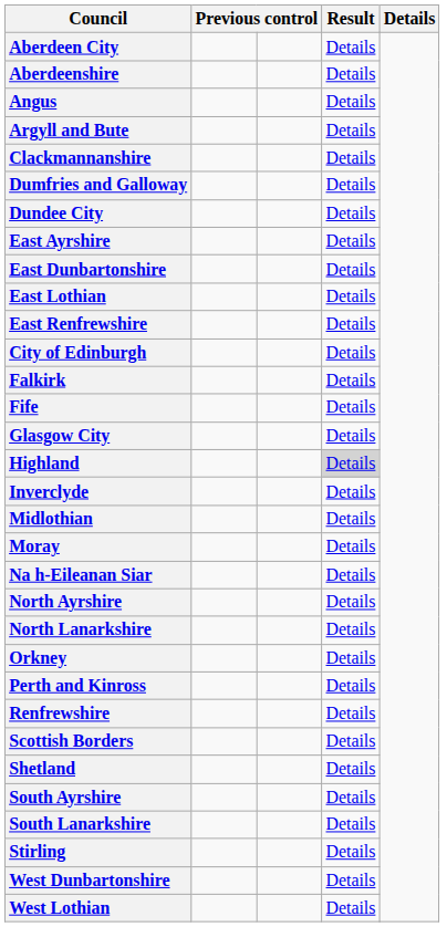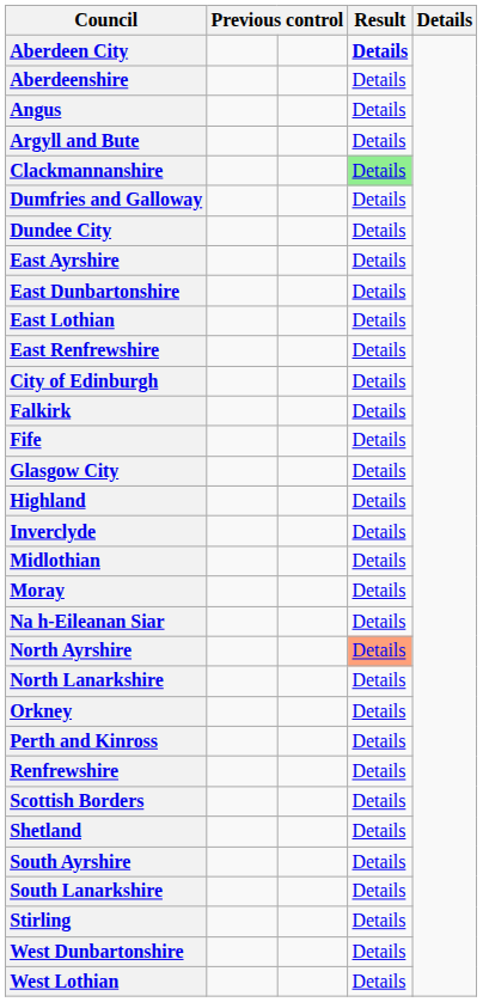 <table class="wikitable">
 <tr>
 <th scope="col">Council</th>
 <th scope="col" colspan="2">Previous control</th>
 <th scope="col" colspan="2">Result</th>
 <th scope="col" class="unsortable">Details</th>
 </tr>
 <tr>
 <th scope="row" style="text-align: left;"><a href='#'>Aberdeen City</a></th>
 <td></td>
 <td></td>
-<td><a href='#'>Details</a></td>
+<td><strong><a href='#'>Details</a></strong></td>
 </tr>
 <tr>
 <th scope="row" style="text-align: left;"><a href='#'>Aberdeenshire</a></th>
 <td></td>
 <td></td>
 <td><a href='#'>Details</a></td>
 </tr>
 <tr>
 <th scope="row" style="text-align: left;"><a href='#'>Angus</a></th>
 <td></td>
 <td></td>
 <td><a href='#'>Details</a></td>
 </tr>
 <tr>
 <th scope="row" style="text-align: left;"><a href='#'>Argyll and Bute</a></th>
 <td></td>
 <td></td>
 <td><a href='#'>Details</a></td>
 </tr>
 <tr>
 <th scope="row" style="text-align: left;"><a href='#'>Clackmannanshire</a></th>
 <td></td>
 <td></td>
-<td><a href='#'>Details</a></td>
+<td style="background: lightgreen;"><a href='#'>Details</a></td>
 </tr>
 <tr>
 <th scope="row" style="text-align: left;"><a href='#'>Dumfries and Galloway</a></th>
 <td></td>
 <td></td>
 <td><a href='#'>Details</a></td>
 </tr>
 <tr>
 <th scope="row" style="text-align: left;"><a href='#'>Dundee City</a></th>
 <td></td>
 <td></td>
 <td><a href='#'>Details</a></td>
 </tr>
 <tr>
 <th scope="row" style="text-align: left;"><a href='#'>East Ayrshire</a></th>
 <td></td>
 <td></td>
 <td><a href='#'>Details</a></td>
 </tr>
 <tr>
 <th scope="row" style="text-align: left;"><a href='#'>East Dunbartonshire</a></th>
 <td></td>
 <td></td>
 <td><a href='#'>Details</a></td>
 </tr>
 <tr>
 <th scope="row" style="text-align: left;"><a href='#'>East Lothian</a></th>
 <td></td>
 <td></td>
 <td><a href='#'>Details</a></td>
 </tr>
 <tr>
 <th scope="row" style="text-align: left;"><a href='#'>East Renfrewshire</a></th>
 <td></td>
 <td></td>
 <td><a href='#'>Details</a></td>
 </tr>
 <tr>
 <th scope="row" style="text-align: left;"><a href='#'>City of Edinburgh</a></th>
 <td></td>
 <td></td>
 <td><a href='#'>Details</a></td>
 </tr>
 <tr>
 <th scope="row" style="text-align: left;"><a href='#'>Falkirk</a></th>
 <td></td>
 <td></td>
 <td><a href='#'>Details</a></td>
 </tr>
 <tr>
 <th scope="row" style="text-align: left;"><a href='#'>Fife</a></th>
 <td></td>
 <td></td>
 <td><a href='#'>Details</a></td>
 </tr>
 <tr>
 <th scope="row" style="text-align: left;"><a href='#'>Glasgow City</a></th>
 <td></td>
 <td></td>
 <td><a href='#'>Details</a></td>
 </tr>
 <tr>
 <th scope="row" style="text-align: left;"><a href='#'>Highland</a></th>
 <td></td>
 <td></td>
-<td style="background: lightgrey;"><a href='#'>Details</a></td>
+<td><a href='#'>Details</a></td>
 </tr>
 <tr>
 <th scope="row" style="text-align: left;"><a href='#'>Inverclyde</a></th>
 <td></td>
 <td></td>
 <td><a href='#'>Details</a></td>
 </tr>
 <tr>
 <th scope="row" style="text-align: left;"><a href='#'>Midlothian</a></th>
 <td></td>
 <td></td>
 <td><a href='#'>Details</a></td>
 </tr>
 <tr>
 <th scope="row" style="text-align: left;"><a href='#'>Moray</a></th>
 <td></td>
 <td></td>
 <td><a href='#'>Details</a></td>
 </tr>
 <tr>
 <th scope="row" style="text-align: left;"><a href='#'>Na h-Eileanan Siar</a></th>
 <td></td>
 <td></td>
 <td><a href='#'>Details</a></td>
 </tr>
 <tr>
 <th scope="row" style="text-align: left;"><a href='#'>North Ayrshire</a></th>
 <td></td>
 <td></td>
-<td><a href='#'>Details</a></td>
+<td style="background: lightsalmon;"><a href='#'>Details</a></td>
 </tr>
 <tr>
 <th scope="row" style="text-align: left;"><a href='#'>North Lanarkshire</a></th>
 <td></td>
 <td></td>
 <td><a href='#'>Details</a></td>
 </tr>
 <tr>
 <th scope="row" style="text-align: left;"><a href='#'>Orkney</a></th>
 <td></td>
 <td></td>
 <td><a href='#'>Details</a></td>
 </tr>
 <tr>
 <th scope="row" style="text-align: left;"><a href='#'>Perth and Kinross</a></th>
 <td></td>
 <td></td>
 <td><a href='#'>Details</a></td>
 </tr>
 <tr>
 <th scope="row" style="text-align: left;"><a href='#'>Renfrewshire</a></th>
 <td></td>
 <td></td>
 <td><a href='#'>Details</a></td>
 </tr>
 <tr>
 <th scope="row" style="text-align: left;"><a href='#'>Scottish Borders</a></th>
 <td></td>
 <td></td>
 <td><a href='#'>Details</a></td>
 </tr>
 <tr>
 <th scope="row" style="text-align: left;"><a href='#'>Shetland</a></th>
 <td></td>
 <td></td>
 <td><a href='#'>Details</a></td>
 </tr>
 <tr>
 <th scope="row" style="text-align: left;"><a href='#'>South Ayrshire</a></th>
 <td></td>
 <td></td>
 <td><a href='#'>Details</a></td>
 </tr>
 <tr>
 <th scope="row" style="text-align: left;"><a href='#'>South Lanarkshire</a></th>
 <td></td>
 <td></td>
 <td><a href='#'>Details</a></td>
 </tr>
 <tr>
 <th scope="row" style="text-align: left;"><a href='#'>Stirling</a></th>
 <td></td>
 <td></td>
 <td><a href='#'>Details</a></td>
 </tr>
 <tr>
 <th scope="row" style="text-align: left;"><a href='#'>West Dunbartonshire</a></th>
 <td></td>
 <td></td>
 <td><a href='#'>Details</a></td>
 </tr>
 <tr>
 <th scope="row" style="text-align: left;"><a href='#'>West Lothian</a></th>
 <td></td>
 <td></td>
 <td><a href='#'>Details</a></td>
 </tr>
 </table>
